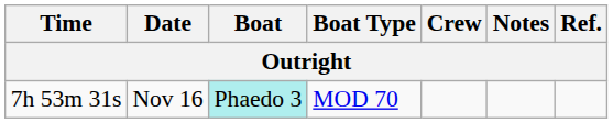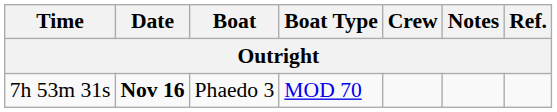 <table class="wikitable sortable">
 <tr>
 <th>Time</th>
 <th>Date</th>
 <th>Boat</th>
 <th>Boat Type</th>
 <th>Crew</th>
 <th>Notes</th>
 <th>Ref.</th>
 </tr>
 <tr>
 <th colspan=7>Outright</th>
 </tr>
 <tr>
 <td>7h 53m 31s</td>
-<td>Nov 16</td>
-<td style="background: paleturquoise;">Phaedo 3</td>
+<td><strong>Nov 16</strong></td>
+<td>Phaedo 3</td>
 <td><a href='#'>MOD 70</a></td>
 <td></td>
 <td></td>
 <td></td>
 </tr>
 </table>
